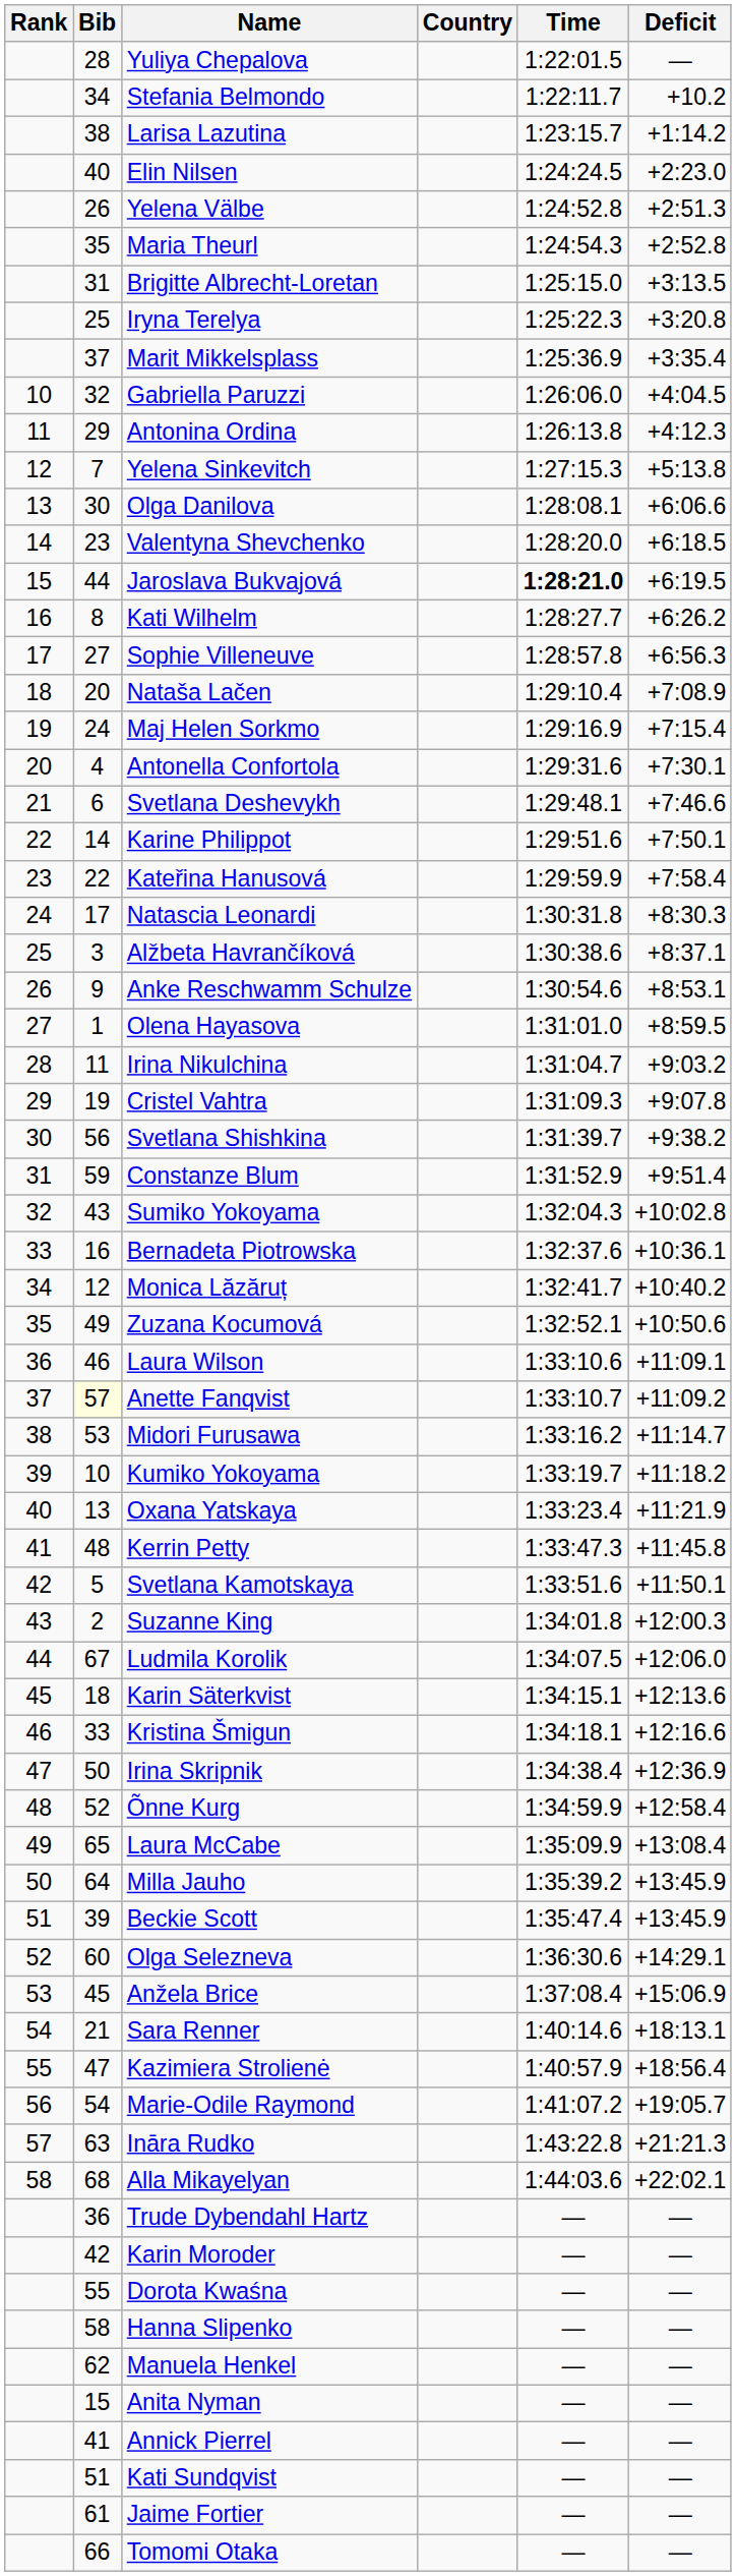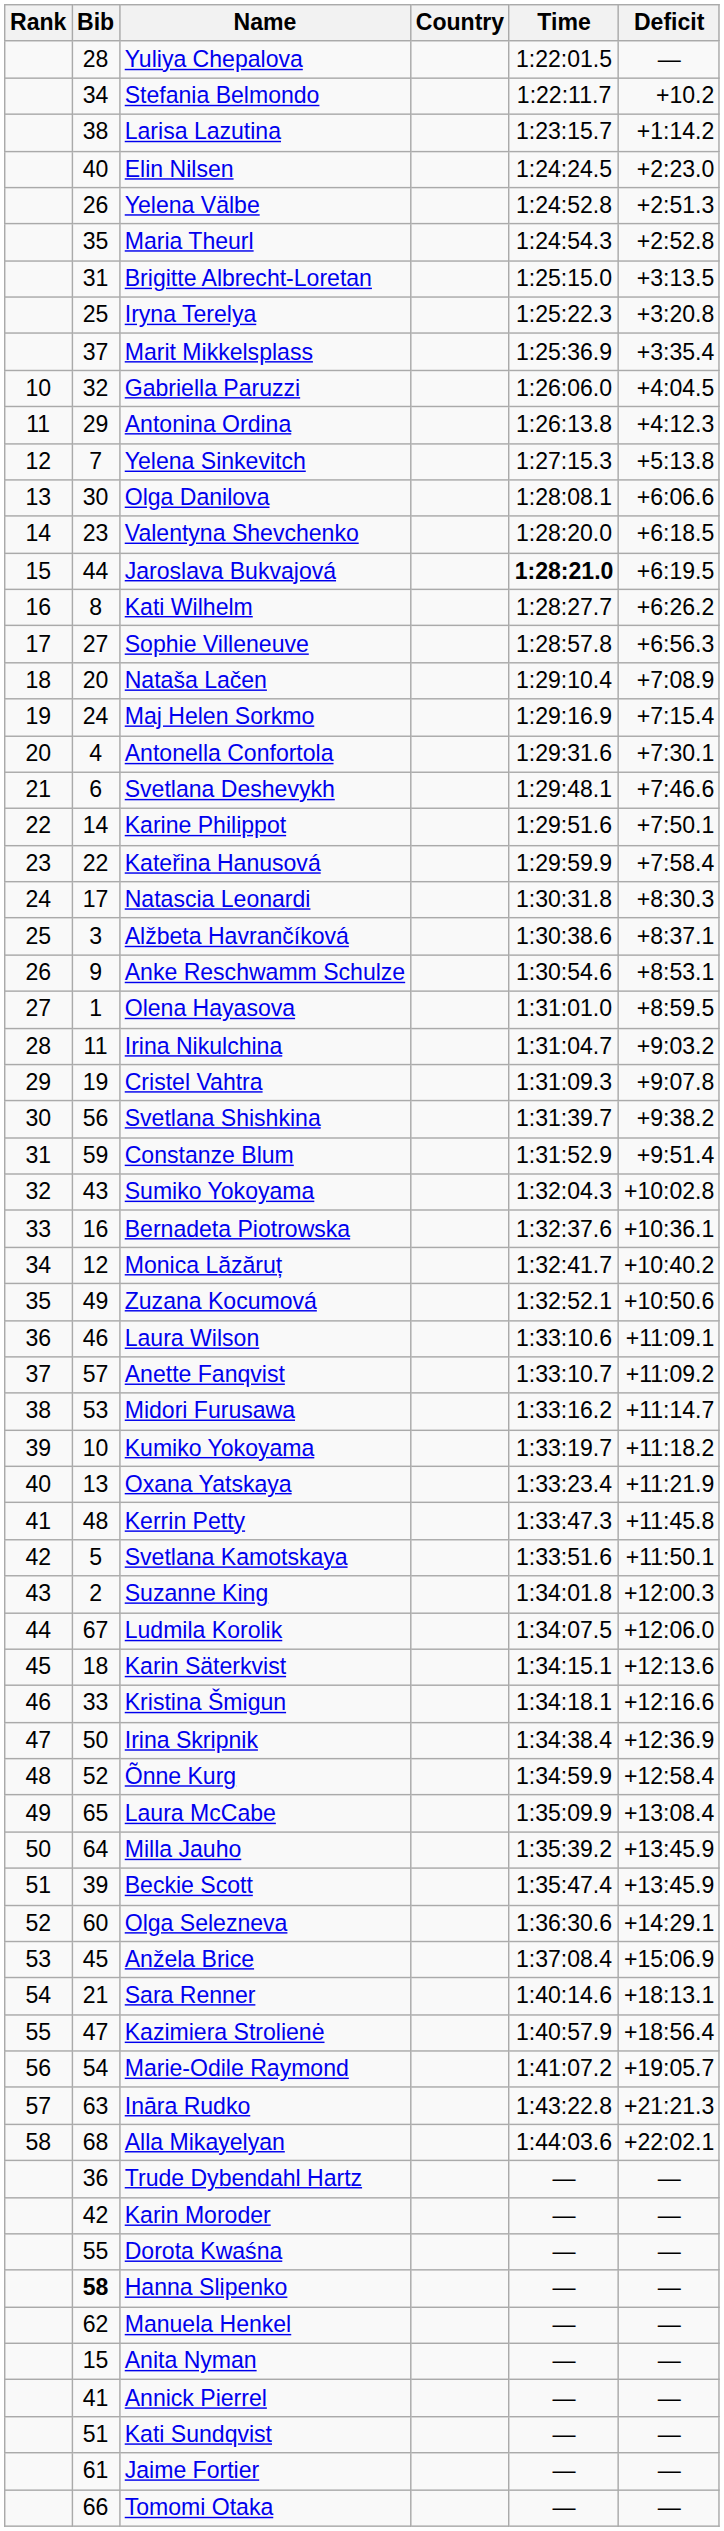 <table class="wikitable sortable" style="text-align:center">
 <tr>
 <th>Rank</th>
 <th>Bib</th>
 <th>Name</th>
 <th>Country</th>
 <th>Time</th>
 <th>Deficit</th>
 </tr>
 <tr>
 <td></td>
 <td>28</td>
 <td align="left"><a href='#'>Yuliya Chepalova</a></td>
 <td align="left"></td>
 <td>1:22:01.5</td>
 <td>—</td>
 </tr>
 <tr>
 <td></td>
 <td>34</td>
 <td align="left"><a href='#'>Stefania Belmondo</a></td>
 <td align="left"></td>
 <td>1:22:11.7</td>
 <td align="right">+10.2</td>
 </tr>
 <tr>
 <td></td>
 <td>38</td>
 <td align="left"><a href='#'>Larisa Lazutina</a></td>
 <td align="left"></td>
 <td>1:23:15.7</td>
 <td align="right">+1:14.2</td>
 </tr>
 <tr>
 <td></td>
 <td>40</td>
 <td align="left"><a href='#'>Elin Nilsen</a></td>
 <td align="left"></td>
 <td>1:24:24.5</td>
 <td align="right">+2:23.0</td>
 </tr>
 <tr>
 <td></td>
 <td>26</td>
 <td align="left"><a href='#'>Yelena Välbe</a></td>
 <td align="left"></td>
 <td>1:24:52.8</td>
 <td align="right">+2:51.3</td>
 </tr>
 <tr>
 <td></td>
 <td>35</td>
 <td align="left"><a href='#'>Maria Theurl</a></td>
 <td align="left"></td>
 <td>1:24:54.3</td>
 <td align="right">+2:52.8</td>
 </tr>
 <tr>
 <td></td>
 <td>31</td>
 <td align="left"><a href='#'>Brigitte Albrecht-Loretan</a></td>
 <td align="left"></td>
 <td>1:25:15.0</td>
 <td align="right">+3:13.5</td>
 </tr>
 <tr>
 <td></td>
 <td>25</td>
 <td align="left"><a href='#'>Iryna Terelya</a></td>
 <td align="left"></td>
 <td>1:25:22.3</td>
 <td align="right">+3:20.8</td>
 </tr>
 <tr>
 <td></td>
 <td>37</td>
 <td align="left"><a href='#'>Marit Mikkelsplass</a></td>
 <td align="left"></td>
 <td>1:25:36.9</td>
 <td align="right">+3:35.4</td>
 </tr>
 <tr>
 <td>10</td>
 <td>32</td>
 <td align="left"><a href='#'>Gabriella Paruzzi</a></td>
 <td align="left"></td>
 <td>1:26:06.0</td>
 <td align="right">+4:04.5</td>
 </tr>
 <tr>
 <td>11</td>
 <td>29</td>
 <td align="left"><a href='#'>Antonina Ordina</a></td>
 <td align="left"></td>
 <td>1:26:13.8</td>
 <td align="right">+4:12.3</td>
 </tr>
 <tr>
 <td>12</td>
 <td>7</td>
 <td align="left"><a href='#'>Yelena Sinkevitch</a></td>
 <td align="left"></td>
 <td>1:27:15.3</td>
 <td align="right">+5:13.8</td>
 </tr>
 <tr>
 <td>13</td>
 <td>30</td>
 <td align="left"><a href='#'>Olga Danilova</a></td>
 <td align="left"></td>
 <td>1:28:08.1</td>
 <td align="right">+6:06.6</td>
 </tr>
 <tr>
 <td>14</td>
 <td>23</td>
 <td align="left"><a href='#'>Valentyna Shevchenko</a></td>
 <td align="left"></td>
 <td>1:28:20.0</td>
 <td align="right">+6:18.5</td>
 </tr>
 <tr>
 <td>15</td>
 <td>44</td>
 <td align="left"><a href='#'>Jaroslava Bukvajová</a></td>
 <td align="left"></td>
 <td><strong>1:28:21.0</strong></td>
 <td align="right">+6:19.5</td>
 </tr>
 <tr>
 <td>16</td>
 <td>8</td>
 <td align="left"><a href='#'>Kati Wilhelm</a></td>
 <td align="left"></td>
 <td>1:28:27.7</td>
 <td align="right">+6:26.2</td>
 </tr>
 <tr>
 <td>17</td>
 <td>27</td>
 <td align="left"><a href='#'>Sophie Villeneuve</a></td>
 <td align="left"></td>
 <td>1:28:57.8</td>
 <td align="right">+6:56.3</td>
 </tr>
 <tr>
 <td>18</td>
 <td>20</td>
 <td align="left"><a href='#'>Nataša Lačen</a></td>
 <td align="left"></td>
 <td>1:29:10.4</td>
 <td align="right">+7:08.9</td>
 </tr>
 <tr>
 <td>19</td>
 <td>24</td>
 <td align="left"><a href='#'>Maj Helen Sorkmo</a></td>
 <td align="left"></td>
 <td>1:29:16.9</td>
 <td align="right">+7:15.4</td>
 </tr>
 <tr>
 <td>20</td>
 <td>4</td>
 <td align="left"><a href='#'>Antonella Confortola</a></td>
 <td align="left"></td>
 <td>1:29:31.6</td>
 <td align="right">+7:30.1</td>
 </tr>
 <tr>
 <td>21</td>
 <td>6</td>
 <td align="left"><a href='#'>Svetlana Deshevykh</a></td>
 <td align="left"></td>
 <td>1:29:48.1</td>
 <td align="right">+7:46.6</td>
 </tr>
 <tr>
 <td>22</td>
 <td>14</td>
 <td align="left"><a href='#'>Karine Philippot</a></td>
 <td align="left"></td>
 <td>1:29:51.6</td>
 <td align="right">+7:50.1</td>
 </tr>
 <tr>
 <td>23</td>
 <td>22</td>
 <td align="left"><a href='#'>Kateřina Hanusová</a></td>
 <td align="left"></td>
 <td>1:29:59.9</td>
 <td align="right">+7:58.4</td>
 </tr>
 <tr>
 <td>24</td>
 <td>17</td>
 <td align="left"><a href='#'>Natascia Leonardi</a></td>
 <td align="left"></td>
 <td>1:30:31.8</td>
 <td align="right">+8:30.3</td>
 </tr>
 <tr>
 <td>25</td>
 <td>3</td>
 <td align="left"><a href='#'>Alžbeta Havrančíková</a></td>
 <td align="left"></td>
 <td>1:30:38.6</td>
 <td align="right">+8:37.1</td>
 </tr>
 <tr>
 <td>26</td>
 <td>9</td>
 <td align="left"><a href='#'>Anke Reschwamm Schulze</a></td>
 <td align="left"></td>
 <td>1:30:54.6</td>
 <td align="right">+8:53.1</td>
 </tr>
 <tr>
 <td>27</td>
 <td>1</td>
 <td align="left"><a href='#'>Olena Hayasova</a></td>
 <td align="left"></td>
 <td>1:31:01.0</td>
 <td align="right">+8:59.5</td>
 </tr>
 <tr>
 <td>28</td>
 <td>11</td>
 <td align="left"><a href='#'>Irina Nikulchina</a></td>
 <td align="left"></td>
 <td>1:31:04.7</td>
 <td align="right">+9:03.2</td>
 </tr>
 <tr>
 <td>29</td>
 <td>19</td>
 <td align="left"><a href='#'>Cristel Vahtra</a></td>
 <td align="left"></td>
 <td>1:31:09.3</td>
 <td align="right">+9:07.8</td>
 </tr>
 <tr>
 <td>30</td>
 <td>56</td>
 <td align="left"><a href='#'>Svetlana Shishkina</a></td>
 <td align="left"></td>
 <td>1:31:39.7</td>
 <td align="right">+9:38.2</td>
 </tr>
 <tr>
 <td>31</td>
 <td>59</td>
 <td align="left"><a href='#'>Constanze Blum</a></td>
 <td align="left"></td>
 <td>1:31:52.9</td>
 <td align="right">+9:51.4</td>
 </tr>
 <tr>
 <td>32</td>
 <td>43</td>
 <td align="left"><a href='#'>Sumiko Yokoyama</a></td>
 <td align="left"></td>
 <td>1:32:04.3</td>
 <td align="right">+10:02.8</td>
 </tr>
 <tr>
 <td>33</td>
 <td>16</td>
 <td align="left"><a href='#'>Bernadeta Piotrowska</a></td>
 <td align="left"></td>
 <td>1:32:37.6</td>
 <td align="right">+10:36.1</td>
 </tr>
 <tr>
 <td>34</td>
 <td>12</td>
 <td align="left"><a href='#'>Monica Lăzăruț</a></td>
 <td align="left"></td>
 <td>1:32:41.7</td>
 <td align="right">+10:40.2</td>
 </tr>
 <tr>
 <td>35</td>
 <td>49</td>
 <td align="left"><a href='#'>Zuzana Kocumová</a></td>
 <td align="left"></td>
 <td>1:32:52.1</td>
 <td align="right">+10:50.6</td>
 </tr>
 <tr>
 <td>36</td>
 <td>46</td>
 <td align="left"><a href='#'>Laura Wilson</a></td>
 <td align="left"></td>
 <td>1:33:10.6</td>
 <td align="right">+11:09.1</td>
 </tr>
 <tr>
 <td>37</td>
-<td style="background: lightyellow;">57</td>
+<td>57</td>
 <td align="left"><a href='#'>Anette Fanqvist</a></td>
 <td align="left"></td>
 <td>1:33:10.7</td>
 <td align="right">+11:09.2</td>
 </tr>
 <tr>
 <td>38</td>
 <td>53</td>
 <td align="left"><a href='#'>Midori Furusawa</a></td>
 <td align="left"></td>
 <td>1:33:16.2</td>
 <td align="right">+11:14.7</td>
 </tr>
 <tr>
 <td>39</td>
 <td>10</td>
 <td align="left"><a href='#'>Kumiko Yokoyama</a></td>
 <td align="left"></td>
 <td>1:33:19.7</td>
 <td align="right">+11:18.2</td>
 </tr>
 <tr>
 <td>40</td>
 <td>13</td>
 <td align="left"><a href='#'>Oxana Yatskaya</a></td>
 <td align="left"></td>
 <td>1:33:23.4</td>
 <td align="right">+11:21.9</td>
 </tr>
 <tr>
 <td>41</td>
 <td>48</td>
 <td align="left"><a href='#'>Kerrin Petty</a></td>
 <td align="left"></td>
 <td>1:33:47.3</td>
 <td align="right">+11:45.8</td>
 </tr>
 <tr>
 <td>42</td>
 <td>5</td>
 <td align="left"><a href='#'>Svetlana Kamotskaya</a></td>
 <td align="left"></td>
 <td>1:33:51.6</td>
 <td align="right">+11:50.1</td>
 </tr>
 <tr>
 <td>43</td>
 <td>2</td>
 <td align="left"><a href='#'>Suzanne King</a></td>
 <td align="left"></td>
 <td>1:34:01.8</td>
 <td align="right">+12:00.3</td>
 </tr>
 <tr>
 <td>44</td>
 <td>67</td>
 <td align="left"><a href='#'>Ludmila Korolik</a></td>
 <td align="left"></td>
 <td>1:34:07.5</td>
 <td align="right">+12:06.0</td>
 </tr>
 <tr>
 <td>45</td>
 <td>18</td>
 <td align="left"><a href='#'>Karin Säterkvist</a></td>
 <td align="left"></td>
 <td>1:34:15.1</td>
 <td align="right">+12:13.6</td>
 </tr>
 <tr>
 <td>46</td>
 <td>33</td>
 <td align="left"><a href='#'>Kristina Šmigun</a></td>
 <td align="left"></td>
 <td>1:34:18.1</td>
 <td align="right">+12:16.6</td>
 </tr>
 <tr>
 <td>47</td>
 <td>50</td>
 <td align="left"><a href='#'>Irina Skripnik</a></td>
 <td align="left"></td>
 <td>1:34:38.4</td>
 <td align="right">+12:36.9</td>
 </tr>
 <tr>
 <td>48</td>
 <td>52</td>
 <td align="left"><a href='#'>Õnne Kurg</a></td>
 <td align="left"></td>
 <td>1:34:59.9</td>
 <td align="right">+12:58.4</td>
 </tr>
 <tr>
 <td>49</td>
 <td>65</td>
 <td align="left"><a href='#'>Laura McCabe</a></td>
 <td align="left"></td>
 <td>1:35:09.9</td>
 <td align="right">+13:08.4</td>
 </tr>
 <tr>
 <td>50</td>
 <td>64</td>
 <td align="left"><a href='#'>Milla Jauho</a></td>
 <td align="left"></td>
 <td>1:35:39.2</td>
 <td align="right">+13:45.9</td>
 </tr>
 <tr>
 <td>51</td>
 <td>39</td>
 <td align="left"><a href='#'>Beckie Scott</a></td>
 <td align="left"></td>
 <td>1:35:47.4</td>
 <td align="right">+13:45.9</td>
 </tr>
 <tr>
 <td>52</td>
 <td>60</td>
 <td align="left"><a href='#'>Olga Selezneva</a></td>
 <td align="left"></td>
 <td>1:36:30.6</td>
 <td align="right">+14:29.1</td>
 </tr>
 <tr>
 <td>53</td>
 <td>45</td>
 <td align="left"><a href='#'>Anžela Brice</a></td>
 <td align="left"></td>
 <td>1:37:08.4</td>
 <td align="right">+15:06.9</td>
 </tr>
 <tr>
 <td>54</td>
 <td>21</td>
 <td align="left"><a href='#'>Sara Renner</a></td>
 <td align="left"></td>
 <td>1:40:14.6</td>
 <td align="right">+18:13.1</td>
 </tr>
 <tr>
 <td>55</td>
 <td>47</td>
 <td align="left"><a href='#'>Kazimiera Strolienė</a></td>
 <td align="left"></td>
 <td>1:40:57.9</td>
 <td align="right">+18:56.4</td>
 </tr>
 <tr>
 <td>56</td>
 <td>54</td>
 <td align="left"><a href='#'>Marie-Odile Raymond</a></td>
 <td align="left"></td>
 <td>1:41:07.2</td>
 <td align="right">+19:05.7</td>
 </tr>
 <tr>
 <td>57</td>
 <td>63</td>
 <td align="left"><a href='#'>Ināra Rudko</a></td>
 <td align="left"></td>
 <td>1:43:22.8</td>
 <td align="right">+21:21.3</td>
 </tr>
 <tr>
 <td>58</td>
 <td>68</td>
 <td align="left"><a href='#'>Alla Mikayelyan</a></td>
 <td align="left"></td>
 <td>1:44:03.6</td>
 <td align="right">+22:02.1</td>
 </tr>
 <tr>
 <td></td>
 <td>36</td>
 <td align="left"><a href='#'>Trude Dybendahl Hartz</a></td>
 <td align="left"></td>
 <td>—</td>
 <td>—</td>
 </tr>
 <tr>
 <td></td>
 <td>42</td>
 <td align="left"><a href='#'>Karin Moroder</a></td>
 <td align="left"></td>
 <td>—</td>
 <td>—</td>
 </tr>
 <tr>
 <td></td>
 <td>55</td>
 <td align="left"><a href='#'>Dorota Kwaśna</a></td>
 <td align="left"></td>
 <td>—</td>
 <td>—</td>
 </tr>
 <tr>
 <td></td>
-<td>58</td>
+<td><strong>58</strong></td>
 <td align="left"><a href='#'>Hanna Slipenko</a></td>
 <td align="left"></td>
 <td>—</td>
 <td>—</td>
 </tr>
 <tr>
 <td></td>
 <td>62</td>
 <td align="left"><a href='#'>Manuela Henkel</a></td>
 <td align="left"></td>
 <td>—</td>
 <td>—</td>
 </tr>
 <tr>
 <td></td>
 <td>15</td>
 <td align="left"><a href='#'>Anita Nyman</a></td>
 <td align="left"></td>
 <td>—</td>
 <td>—</td>
 </tr>
 <tr>
 <td></td>
 <td>41</td>
 <td align="left"><a href='#'>Annick Pierrel</a></td>
 <td align="left"></td>
 <td>—</td>
 <td>—</td>
 </tr>
 <tr>
 <td></td>
 <td>51</td>
 <td align="left"><a href='#'>Kati Sundqvist</a></td>
 <td align="left"></td>
 <td>—</td>
 <td>—</td>
 </tr>
 <tr>
 <td></td>
 <td>61</td>
 <td align="left"><a href='#'>Jaime Fortier</a></td>
 <td align="left"></td>
 <td>—</td>
 <td>—</td>
 </tr>
 <tr>
 <td></td>
 <td>66</td>
 <td align="left"><a href='#'>Tomomi Otaka</a></td>
 <td align="left"></td>
 <td>—</td>
 <td>—</td>
 </tr>
 </table>
